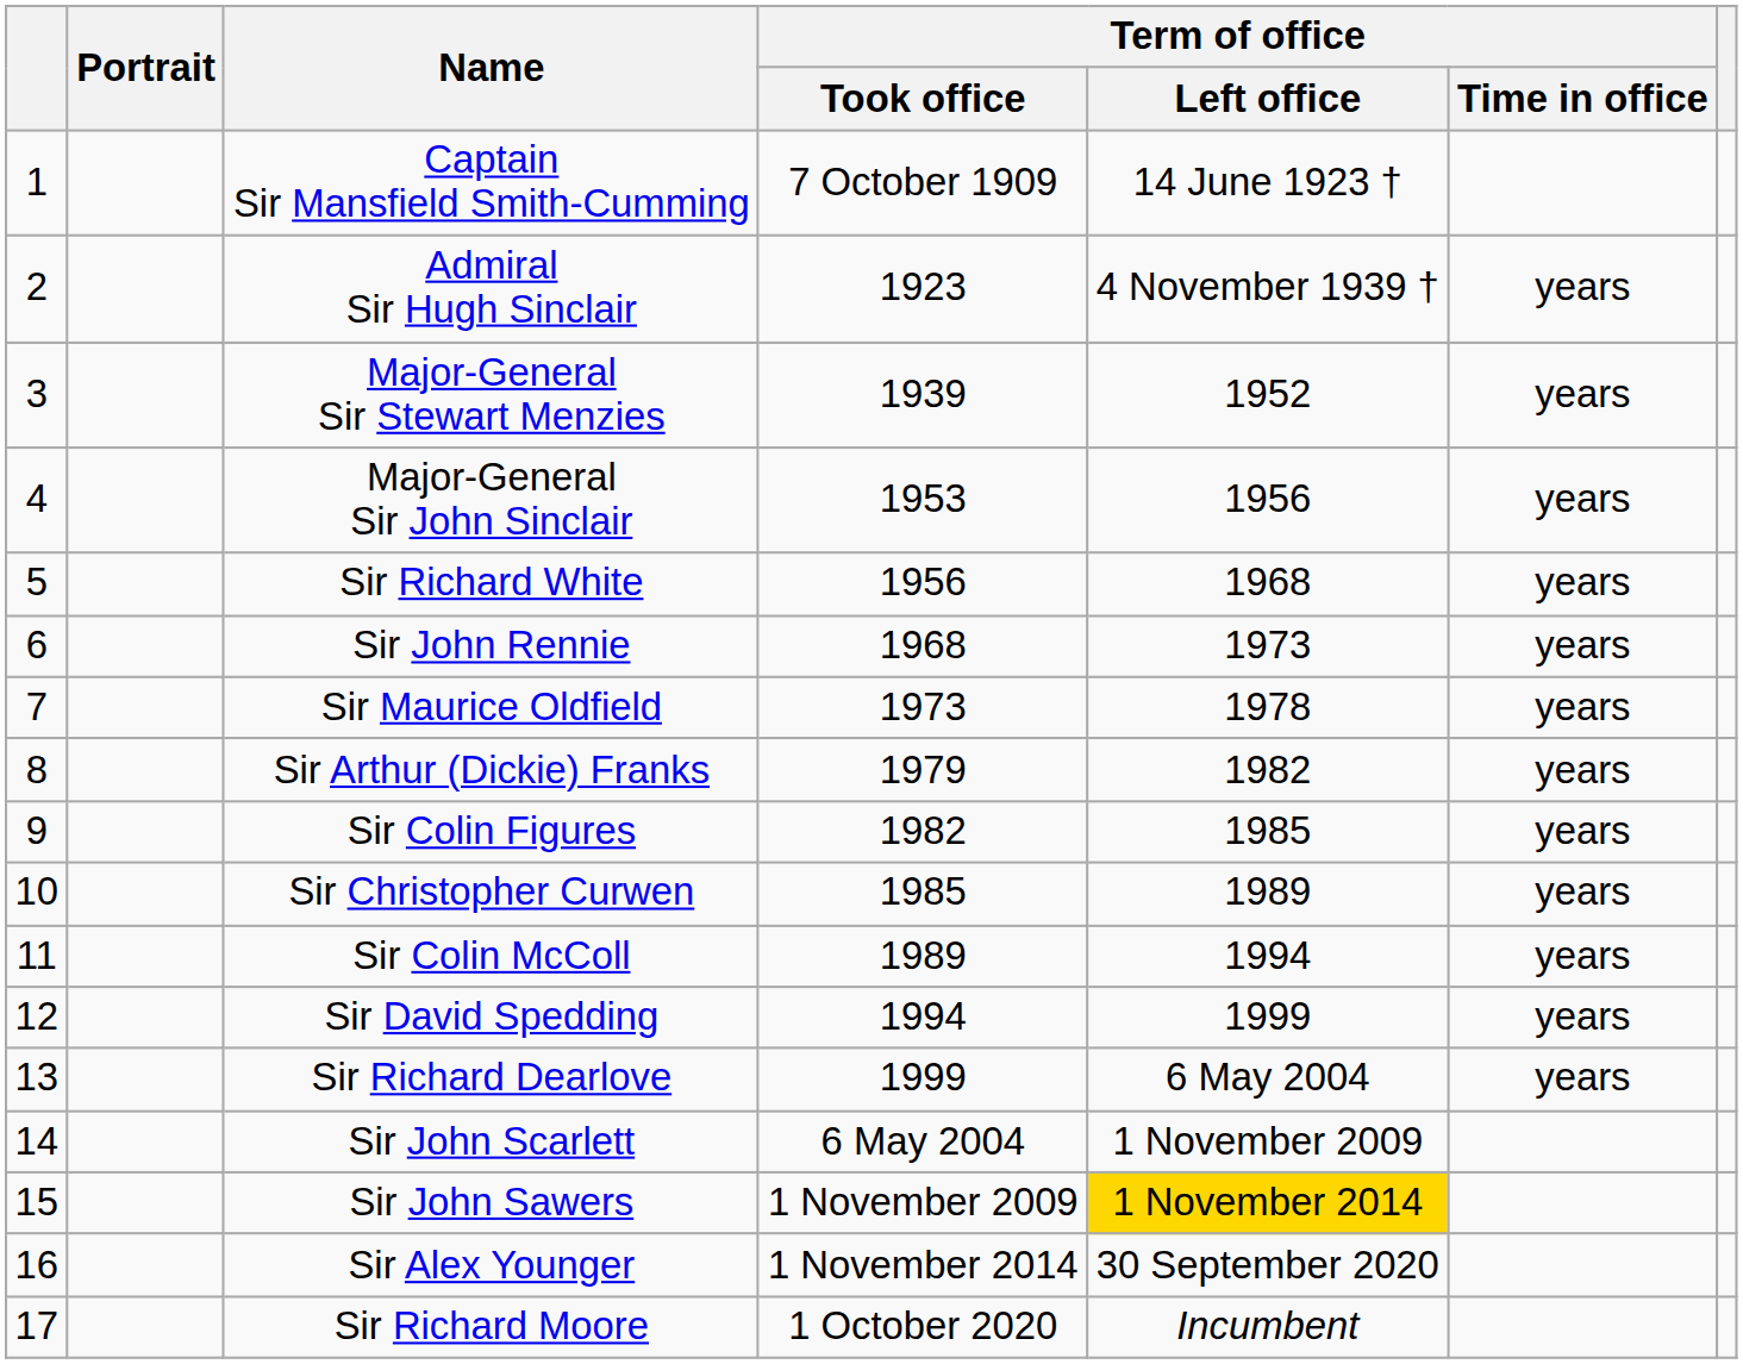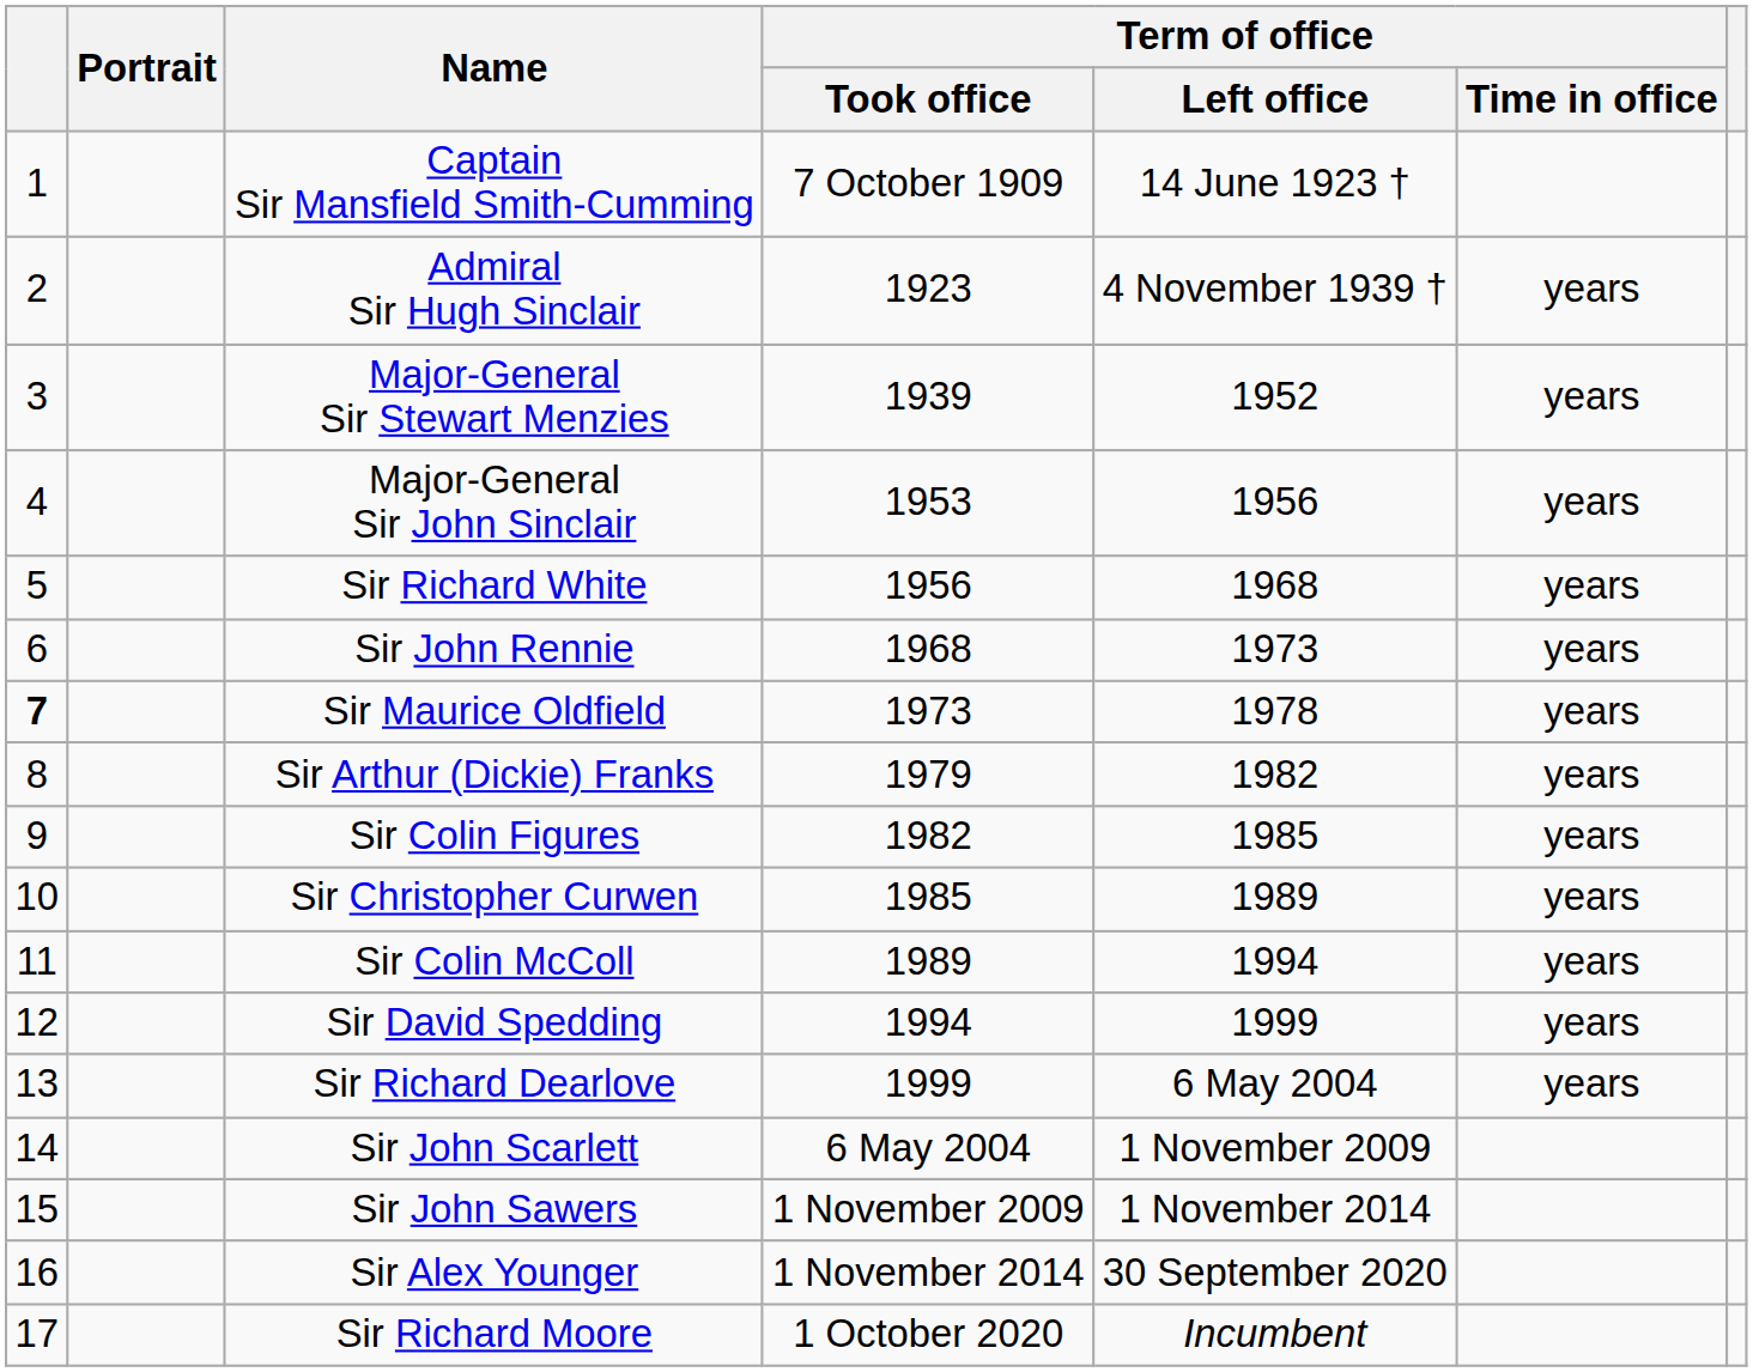 <table class="wikitable" style="text-align:center">
 <tr>
 <th rowspan=2></th>
 <th rowspan=2>Portrait</th>
 <th rowspan=2>Name<br></th>
 <th colspan=3>Term of office</th>
 <th rowspan=2></th>
 </tr>
 <tr>
 <th>Took office</th>
 <th>Left office</th>
 <th>Time in office</th>
 </tr>
 <tr>
 <td>1</td>
 <td></td>
 <td><a href='#'>Captain</a><br>Sir <a href='#'>Mansfield Smith-Cumming</a> <br></td>
 <td>7 October 1909</td>
 <td>14 June 1923 †</td>
 <td></td>
 <td></td>
 </tr>
 <tr>
 <td>2</td>
 <td></td>
 <td><a href='#'>Admiral</a><br>Sir <a href='#'>Hugh Sinclair</a> <br></td>
 <td>1923</td>
 <td>4 November 1939 †</td>
 <td> years</td>
 <td></td>
 </tr>
 <tr>
 <td>3</td>
 <td></td>
 <td><a href='#'>Major-General</a><br>Sir <a href='#'>Stewart Menzies</a> <br></td>
 <td>1939</td>
 <td>1952</td>
 <td> years</td>
 <td></td>
 </tr>
 <tr>
 <td>4</td>
 <td></td>
 <td>Major-General<br>Sir <a href='#'>John Sinclair</a> <br></td>
 <td>1953</td>
 <td>1956</td>
 <td> years</td>
 <td></td>
 </tr>
 <tr>
 <td>5</td>
 <td></td>
 <td>Sir <a href='#'>Richard White</a> <br></td>
 <td>1956</td>
 <td>1968</td>
 <td> years</td>
 <td></td>
 </tr>
 <tr>
 <td>6</td>
 <td></td>
 <td>Sir <a href='#'>John Rennie</a> <br></td>
 <td>1968</td>
 <td>1973</td>
 <td> years</td>
 <td></td>
 </tr>
 <tr>
-<td>7</td>
+<td><strong>7</strong></td>
 <td></td>
 <td>Sir <a href='#'>Maurice Oldfield</a> <br></td>
 <td>1973</td>
 <td>1978</td>
 <td> years</td>
 <td></td>
 </tr>
 <tr>
 <td>8</td>
 <td></td>
 <td>Sir <a href='#'>Arthur (Dickie) Franks</a> <br></td>
 <td>1979</td>
 <td>1982</td>
 <td> years</td>
 <td></td>
 </tr>
 <tr>
 <td>9</td>
 <td></td>
 <td>Sir <a href='#'>Colin Figures</a> <br></td>
 <td>1982</td>
 <td>1985</td>
 <td> years</td>
 <td></td>
 </tr>
 <tr>
 <td>10</td>
 <td></td>
 <td>Sir <a href='#'>Christopher Curwen</a><br></td>
 <td>1985</td>
 <td>1989</td>
 <td> years</td>
 <td></td>
 </tr>
 <tr>
 <td>11</td>
 <td></td>
 <td>Sir <a href='#'>Colin McColl</a> <br></td>
 <td>1989</td>
 <td>1994</td>
 <td> years</td>
 <td></td>
 </tr>
 <tr>
 <td>12</td>
 <td></td>
 <td>Sir <a href='#'>David Spedding</a> <br></td>
 <td>1994</td>
 <td>1999</td>
 <td> years</td>
 <td></td>
 </tr>
 <tr>
 <td>13</td>
 <td></td>
 <td>Sir <a href='#'>Richard Dearlove</a> <br></td>
 <td>1999</td>
 <td>6 May 2004</td>
 <td> years</td>
 <td></td>
 </tr>
 <tr>
 <td>14</td>
 <td></td>
 <td>Sir <a href='#'>John Scarlett</a><br></td>
 <td>6 May 2004</td>
 <td>1 November 2009</td>
 <td></td>
 <td></td>
 </tr>
 <tr>
 <td>15</td>
 <td></td>
 <td>Sir <a href='#'>John Sawers</a> <br></td>
 <td>1 November 2009</td>
-<td style="background: gold;">1 November 2014</td>
+<td>1 November 2014</td>
 <td></td>
 <td></td>
 </tr>
 <tr>
 <td>16</td>
 <td></td>
 <td>Sir <a href='#'>Alex Younger</a><br></td>
 <td>1 November 2014</td>
 <td>30 September 2020</td>
 <td></td>
 <td></td>
 </tr>
 <tr>
 <td>17</td>
 <td></td>
 <td>Sir <a href='#'>Richard Moore</a> <br></td>
 <td>1 October 2020</td>
 <td><em>Incumbent</em></td>
 <td></td>
 <td></td>
 </tr>
 </table>
